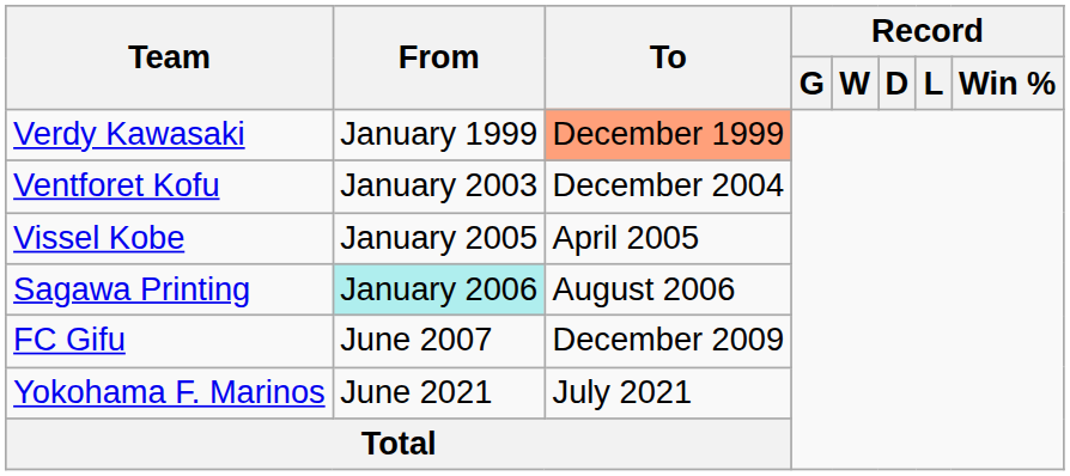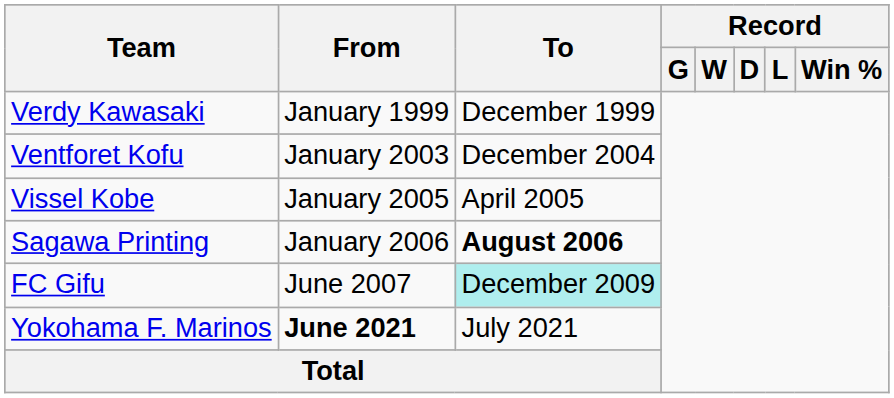 <table class="wikitable" style="text-align: center">
 <tr>
 <th rowspan=2>Team</th>
 <th rowspan=2>From</th>
 <th rowspan=2>To</th>
 <th colspan=5>Record</th>
 </tr>
 <tr>
 <th>G</th>
 <th>W</th>
 <th>D</th>
 <th>L</th>
 <th>Win %</th>
 </tr>
 <tr>
 <td align=left><a href='#'>Verdy Kawasaki</a></td>
 <td align=left>January 1999</td>
-<td align=left style="background: lightsalmon;">December 1999<br></td>
+<td align=left>December 1999<br></td>
 </tr>
 <tr>
 <td align=left><a href='#'>Ventforet Kofu</a></td>
 <td align=left>January 2003</td>
 <td align=left>December 2004<br></td>
 </tr>
 <tr>
 <td align=left><a href='#'>Vissel Kobe</a></td>
 <td align=left>January 2005</td>
 <td align=left>April 2005<br></td>
 </tr>
 <tr>
 <td align=left><a href='#'>Sagawa Printing</a></td>
-<td align=left style="background: paleturquoise;">January 2006</td>
-<td align=left>August 2006<br></td>
+<td align=left>January 2006</td>
+<td align=left><strong>August 2006<br></strong></td>
 </tr>
 <tr>
 <td align=left><a href='#'>FC Gifu</a></td>
 <td align=left>June 2007</td>
-<td align=left>December 2009<br></td>
+<td align=left style="background: paleturquoise;">December 2009<br></td>
 </tr>
 <tr>
 <td align=left><a href='#'>Yokohama F. Marinos</a></td>
-<td align=left>June 2021</td>
+<td align=left><strong>June 2021</strong></td>
 <td align=left>July 2021<br></td>
 </tr>
 <tr>
 <th colspan=3>Total<br></th>
 </tr>
 </table>
